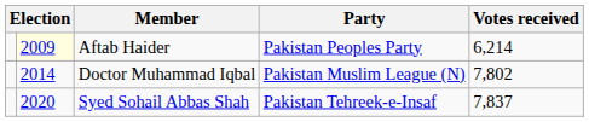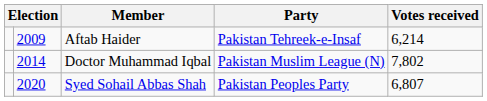 <table class="wikitable">
 <tr>
 <th colspan="2">Election</th>
 <th>Member</th>
 <th>Party</th>
 <th>Votes received</th>
 </tr>
 <tr>
 <td style="background-color: "></td>
-<td style="background: lightyellow;"><a href='#'>2009</a></td>
+<td><a href='#'>2009</a></td>
 <td>Aftab Haider</td>
-<td><a href='#'>Pakistan Peoples Party</a></td>
+<td><a href='#'>Pakistan Tehreek-e-Insaf</a></td>
 <td>6,214</td>
 </tr>
 <tr>
 <td style="background-color: "></td>
 <td><a href='#'>2014</a></td>
 <td>Doctor Muhammad Iqbal</td>
 <td><a href='#'>Pakistan Muslim League (N)</a></td>
 <td>7,802</td>
 </tr>
 <tr>
 <td style="background-color: "></td>
 <td><a href='#'>2020</a></td>
 <td><a href='#'>Syed Sohail Abbas Shah</a></td>
-<td><a href='#'>Pakistan Tehreek-e-Insaf</a></td>
-<td>7,837</td>
+<td><a href='#'>Pakistan Peoples Party</a></td>
+<td>6,807</td>
 </tr>
 </table>
